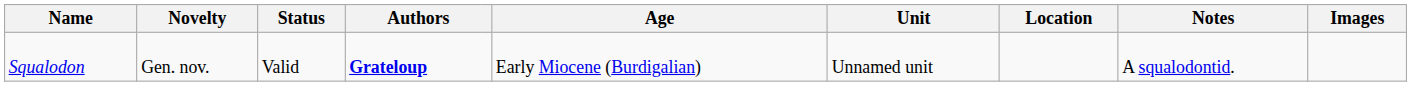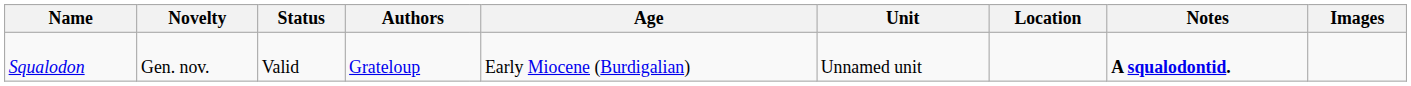 <table class="wikitable sortable" align="center" width="100%">
 <tr>
 <th>Name</th>
 <th><strong>Novelty</strong></th>
 <th>Status</th>
 <th colspan="2">Authors</th>
 <th>Age</th>
 <th>Unit</th>
 <th>Location</th>
 <th>Notes</th>
 <th><strong>Images</strong></th>
 </tr>
 <tr>
 <td><br><em><a href='#'>Squalodon</a></em></td>
 <td><br>Gen. nov.</td>
 <td><br>Valid</td>
-<td style="border-right:0px" valign="top"><strong><br><a href='#'>Grateloup</a></strong></td>
+<td style="border-right:0px" valign="top"><br><a href='#'>Grateloup</a></td>
 <td style="border-left:0px" valign="top"></td>
 <td><br>Early <a href='#'>Miocene</a> (<a href='#'>Burdigalian</a>)</td>
 <td><br>Unnamed unit</td>
 <td><br></td>
-<td><br>A <a href='#'>squalodontid</a>.</td>
+<td><strong><br>A <a href='#'>squalodontid</a>.</strong></td>
 <td><br></td>
 </tr>
 </table>
